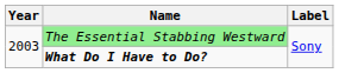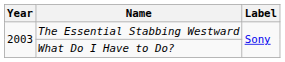 <table class=wikitable>
 <tr>
 <th>Year</th>
 <th>Name</th>
 <th>Label</th>
 </tr>
 <tr>
 <td rowspan=2>2003</td>
-<td style="background: lightgreen;"><em>The Essential Stabbing Westward</em></td>
+<td><em>The Essential Stabbing Westward</em></td>
 <td rowspan=2><a href='#'>Sony</a></td>
 </tr>
 <tr>
-<td><strong><em>What Do I Have to Do?</em></strong></td>
+<td><em>What Do I Have to Do?</em></td>
 </tr>
 </table>
